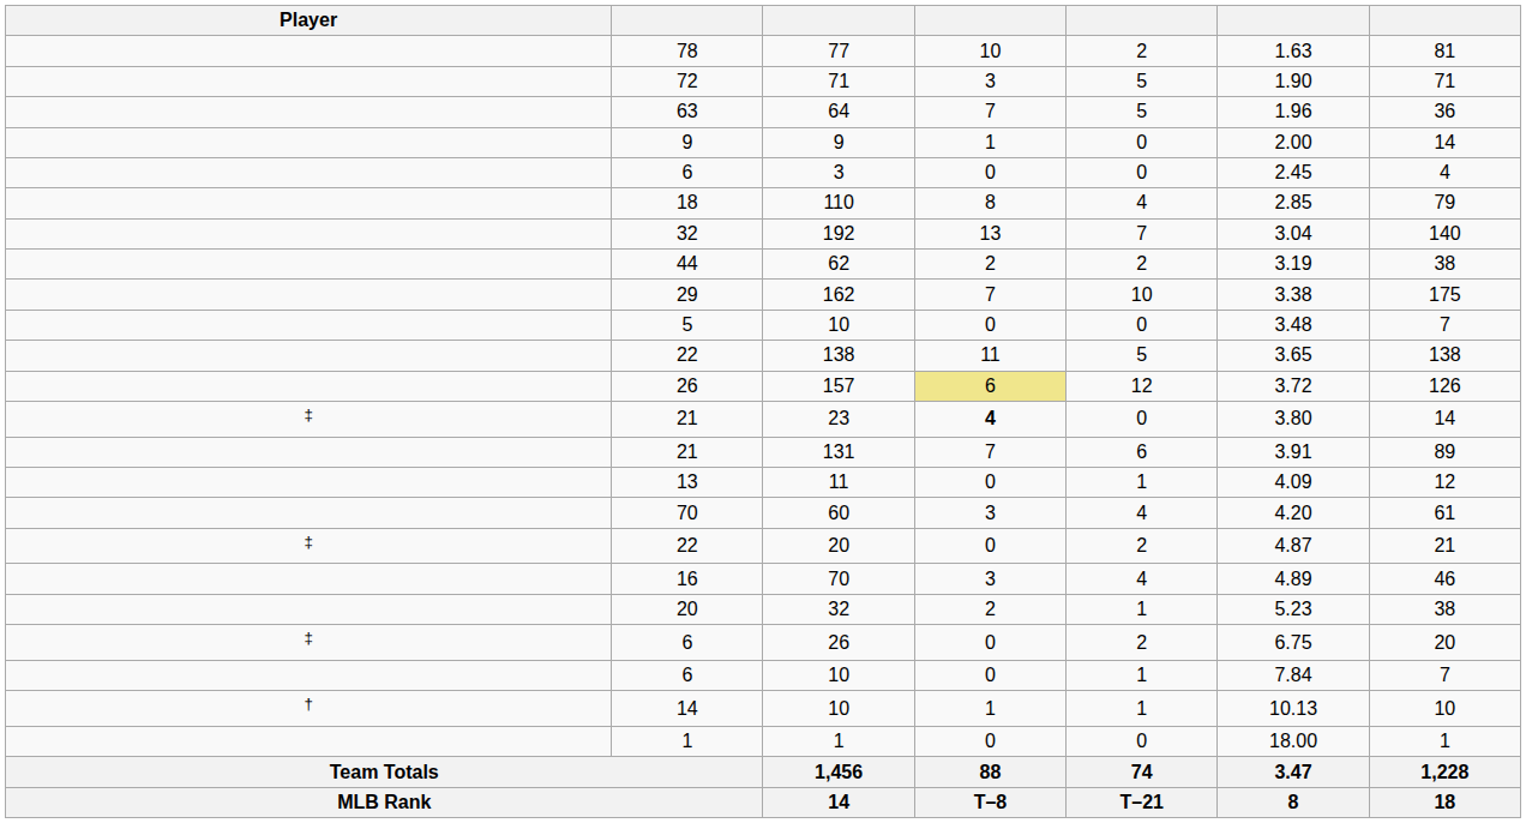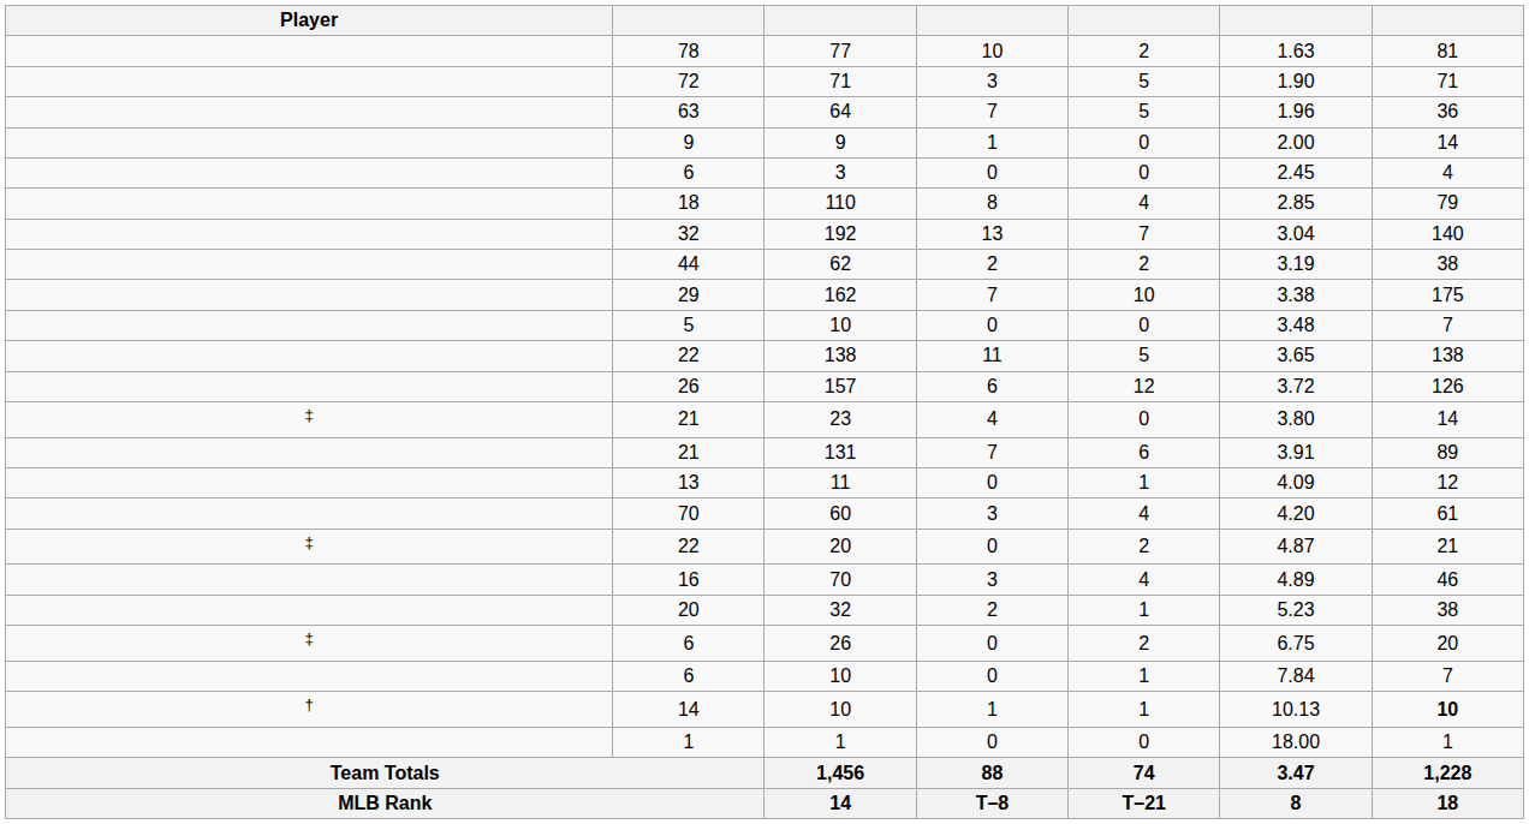 <table class="wikitable sortable" style="text-align:center;" width="100%">
 <tr>
 <th width="40%">Player</th>
 <th width="10%"></th>
 <th width="10%"></th>
 <th width="10%"></th>
 <th width="10%"></th>
 <th width="10%"></th>
 <th width="10%"></th>
 </tr>
 <tr>
 <td></td>
 <td>78</td>
 <td>77</td>
 <td>10</td>
 <td>2</td>
 <td>1.63</td>
 <td>81</td>
 </tr>
 <tr>
 <td></td>
 <td>72</td>
 <td>71</td>
 <td>3</td>
 <td>5</td>
 <td>1.90</td>
 <td>71</td>
 </tr>
 <tr>
 <td></td>
 <td>63</td>
 <td>64</td>
 <td>7</td>
 <td>5</td>
 <td>1.96</td>
 <td>36</td>
 </tr>
 <tr>
 <td></td>
 <td>9</td>
 <td>9</td>
 <td>1</td>
 <td>0</td>
 <td>2.00</td>
 <td>14</td>
 </tr>
 <tr>
 <td></td>
 <td>6</td>
 <td>3</td>
 <td>0</td>
 <td>0</td>
 <td>2.45</td>
 <td>4</td>
 </tr>
 <tr>
 <td></td>
 <td>18</td>
 <td>110</td>
 <td>8</td>
 <td>4</td>
 <td>2.85</td>
 <td>79</td>
 </tr>
 <tr>
 <td></td>
 <td>32</td>
 <td>192</td>
 <td>13</td>
 <td>7</td>
 <td>3.04</td>
 <td>140</td>
 </tr>
 <tr>
 <td></td>
 <td>44</td>
 <td>62</td>
 <td>2</td>
 <td>2</td>
 <td>3.19</td>
 <td>38</td>
 </tr>
 <tr>
 <td></td>
 <td>29</td>
 <td>162</td>
 <td>7</td>
 <td>10</td>
 <td>3.38</td>
 <td>175</td>
 </tr>
 <tr>
 <td></td>
 <td>5</td>
 <td>10</td>
 <td>0</td>
 <td>0</td>
 <td>3.48</td>
 <td>7</td>
 </tr>
 <tr>
 <td></td>
 <td>22</td>
 <td>138</td>
 <td>11</td>
 <td>5</td>
 <td>3.65</td>
 <td>138</td>
 </tr>
 <tr>
 <td></td>
 <td>26</td>
 <td>157</td>
-<td style="background: khaki;">6</td>
+<td>6</td>
 <td>12</td>
 <td>3.72</td>
 <td>126</td>
 </tr>
 <tr>
 <td><sup>‡</sup></td>
 <td>21</td>
 <td>23</td>
-<td><strong>4</strong></td>
+<td>4</td>
 <td>0</td>
 <td>3.80</td>
 <td>14</td>
 </tr>
 <tr>
 <td></td>
 <td>21</td>
 <td>131</td>
 <td>7</td>
 <td>6</td>
 <td>3.91</td>
 <td>89</td>
 </tr>
 <tr>
 <td></td>
 <td>13</td>
 <td>11</td>
 <td>0</td>
 <td>1</td>
 <td>4.09</td>
 <td>12</td>
 </tr>
 <tr>
 <td></td>
 <td>70</td>
 <td>60</td>
 <td>3</td>
 <td>4</td>
 <td>4.20</td>
 <td>61</td>
 </tr>
 <tr>
 <td><sup>‡</sup></td>
 <td>22</td>
 <td>20</td>
 <td>0</td>
 <td>2</td>
 <td>4.87</td>
 <td>21</td>
 </tr>
 <tr>
 <td></td>
 <td>16</td>
 <td>70</td>
 <td>3</td>
 <td>4</td>
 <td>4.89</td>
 <td>46</td>
 </tr>
 <tr>
 <td></td>
 <td>20</td>
 <td>32</td>
 <td>2</td>
 <td>1</td>
 <td>5.23</td>
 <td>38</td>
 </tr>
 <tr>
 <td><sup>‡</sup></td>
 <td>6</td>
 <td>26</td>
 <td>0</td>
 <td>2</td>
 <td>6.75</td>
 <td>20</td>
 </tr>
 <tr>
 <td></td>
 <td>6</td>
 <td>10</td>
 <td>0</td>
 <td>1</td>
 <td>7.84</td>
 <td>7</td>
 </tr>
 <tr>
 <td><sup>†</sup></td>
 <td>14</td>
 <td>10</td>
 <td>1</td>
 <td>1</td>
 <td>10.13</td>
-<td>10</td>
+<td><strong>10</strong></td>
 </tr>
 <tr>
 <td></td>
 <td>1</td>
 <td>1</td>
 <td>0</td>
 <td>0</td>
 <td>18.00</td>
 <td>1</td>
 </tr>
 <tr>
 <th colspan="2">Team Totals</th>
 <th>1,456</th>
 <th>88</th>
 <th>74</th>
 <th>3.47</th>
 <th>1,228</th>
 </tr>
 <tr>
 <th colspan="2">MLB Rank</th>
 <th>14</th>
 <th>T–8</th>
 <th>T–21</th>
 <th>8</th>
 <th>18</th>
 </tr>
 </table>
